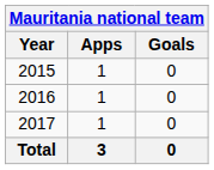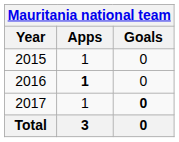 <table class="wikitable" style="text-align:center">
 <tr>
 <th colspan=3><a href='#'>Mauritania national team</a></th>
 </tr>
 <tr>
 <th>Year</th>
 <th>Apps</th>
 <th>Goals</th>
 </tr>
 <tr>
 <td>2015</td>
 <td>1</td>
 <td>0</td>
 </tr>
 <tr>
 <td>2016</td>
-<td>1</td>
+<td><strong>1</strong></td>
 <td>0</td>
 </tr>
 <tr>
 <td>2017</td>
 <td>1</td>
-<td>0</td>
+<td><strong>0</strong></td>
 </tr>
 <tr>
 <th>Total</th>
 <th>3</th>
 <th>0</th>
 </tr>
 </table>
